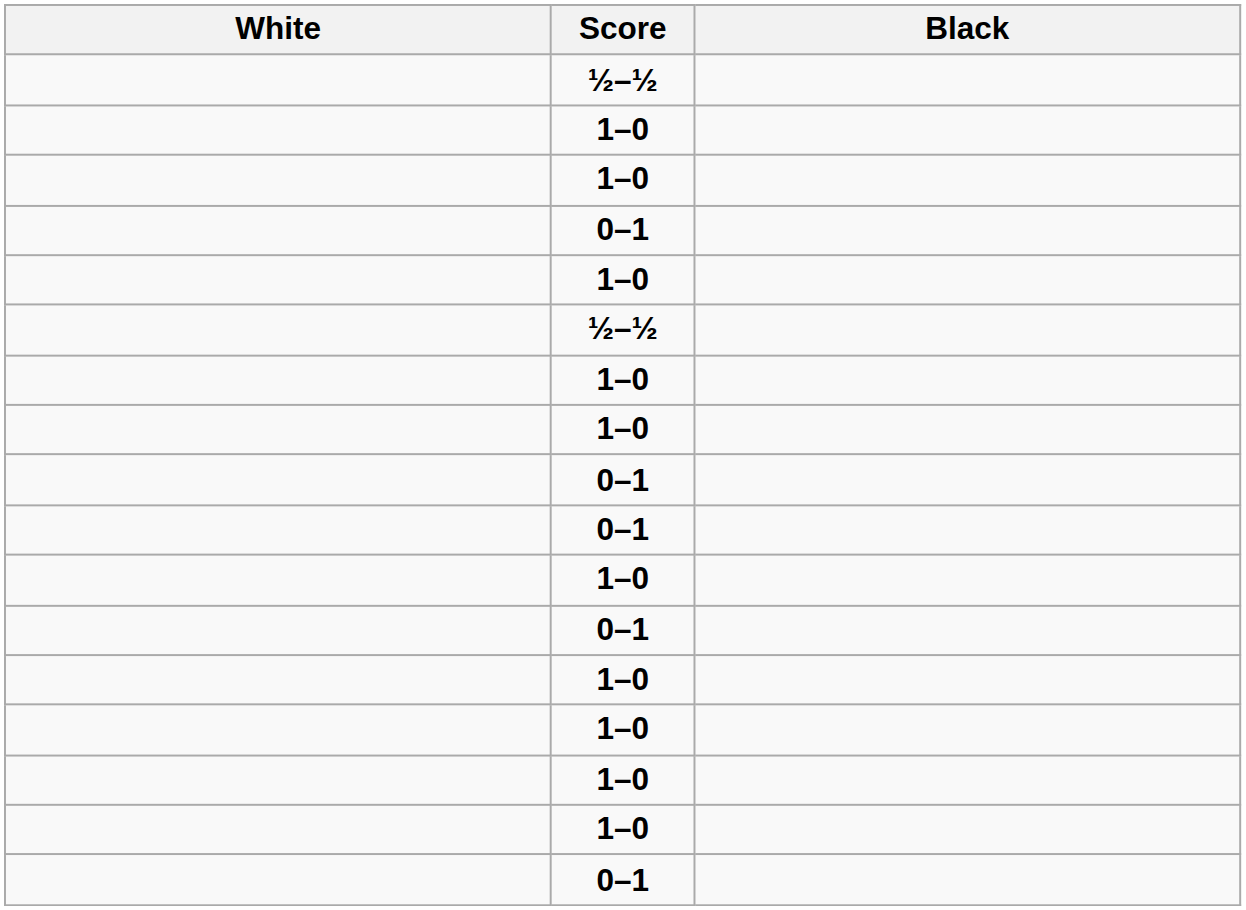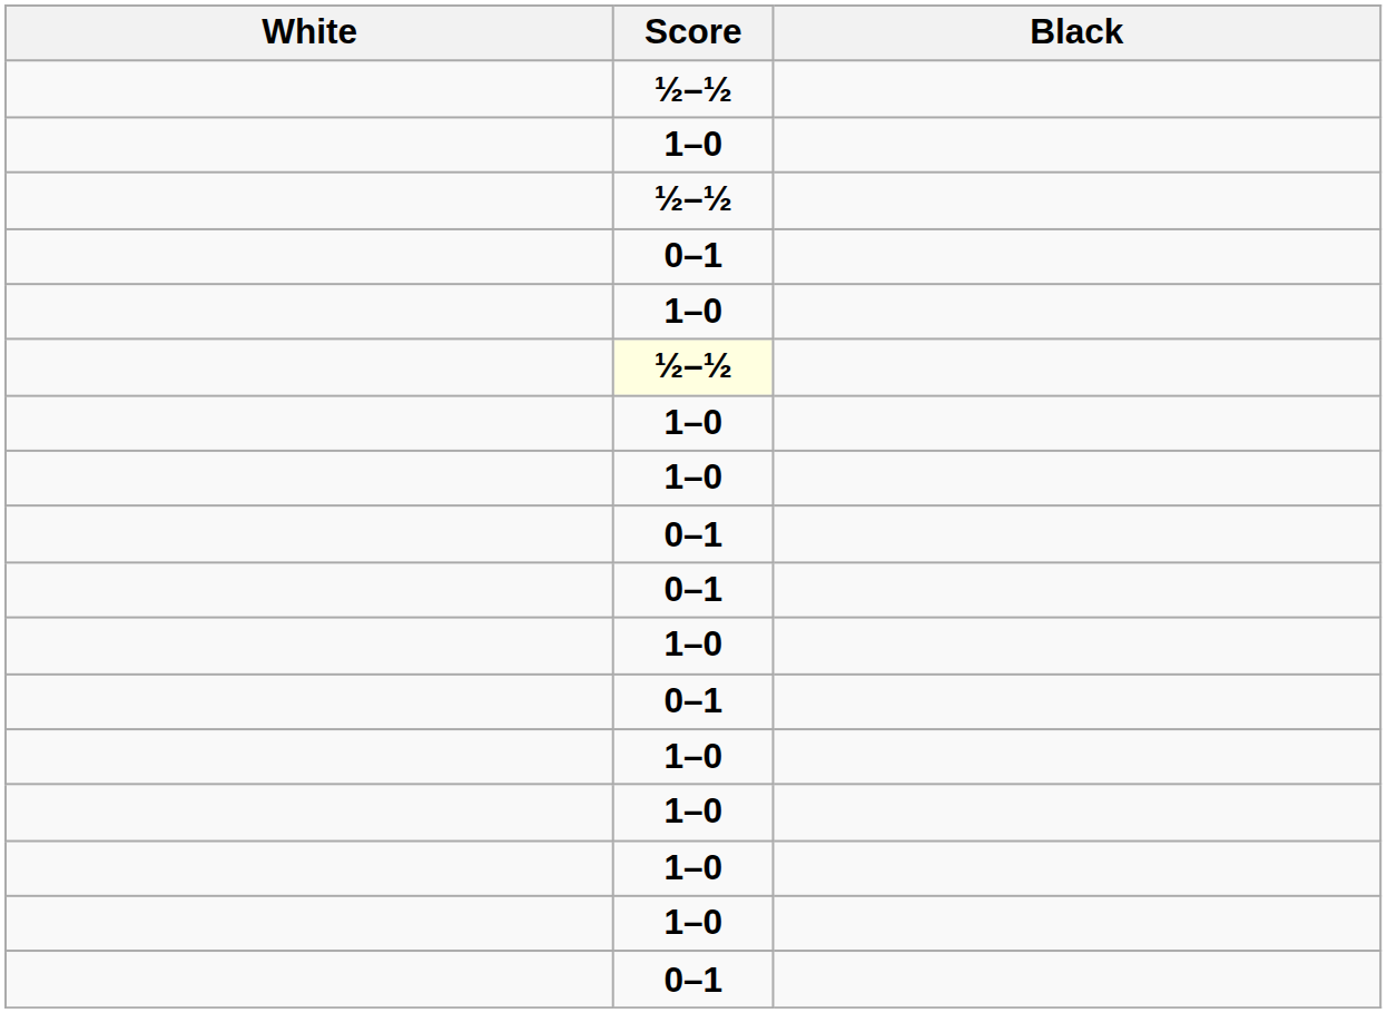 <table class="wikitable" style="text-align: center;">
 <tr>
 <th align="right" width="270">White</th>
 <th width="65">Score</th>
 <th align="left" width="270">Black</th>
 </tr>
 <tr>
 <td align=left></td>
 <td align=center><strong>½–½</strong></td>
 <td align=left></td>
 </tr>
 <tr>
 <td align=left><strong></strong></td>
 <td align=center><strong>1–0</strong></td>
 <td align=left></td>
 </tr>
 <tr>
 <td align=left></td>
-<td align=center><strong>1–0</strong></td>
+<td align=center><strong>½–½</strong></td>
 <td align=left></td>
 </tr>
 <tr>
 <td align=left></td>
 <td align=center><strong>0–1</strong></td>
 <td align=left><strong></strong></td>
 </tr>
 <tr>
 <td align=left><strong></strong></td>
 <td align=center><strong>1–0</strong></td>
 <td align=left></td>
 </tr>
 <tr>
 <td align=left></td>
-<td align=center><strong>½–½</strong></td>
+<td align=center style="background: lightyellow;"><strong>½–½</strong></td>
 <td align=left></td>
 </tr>
 <tr>
 <td align=left><strong></strong></td>
 <td align=center><strong>1–0</strong></td>
 <td align=left></td>
 </tr>
 <tr>
 <td align=left><strong></strong></td>
 <td align=center><strong>1–0</strong></td>
 <td align=left></td>
 </tr>
 <tr>
 <td align=left></td>
 <td align=center><strong>0–1</strong></td>
 <td align=left><strong></strong></td>
 </tr>
 <tr>
 <td align=left></td>
 <td align=center><strong>0–1</strong></td>
 <td align=left><strong></strong></td>
 </tr>
 <tr>
 <td align=left></td>
 <td align=center><strong>1–0</strong></td>
 <td align=left></td>
 </tr>
 <tr>
 <td align=left></td>
 <td align=center><strong>0–1</strong></td>
 <td align=left><strong></strong></td>
 </tr>
 <tr>
 <td align=left><strong></strong></td>
 <td align=center><strong>1–0</strong></td>
 <td align=left></td>
 </tr>
 <tr>
 <td align=left><strong></strong></td>
 <td align=center><strong>1–0</strong></td>
 <td align=left></td>
 </tr>
 <tr>
 <td align=left><strong></strong></td>
 <td align=center><strong>1–0</strong></td>
 <td align=left></td>
 </tr>
 <tr>
 <td align=left><strong></strong></td>
 <td align=center><strong>1–0</strong></td>
 <td align=left></td>
 </tr>
 <tr>
 <td align=left></td>
 <td align=center><strong>0–1</strong></td>
 <td align=left><strong></strong></td>
 </tr>
 </table>
